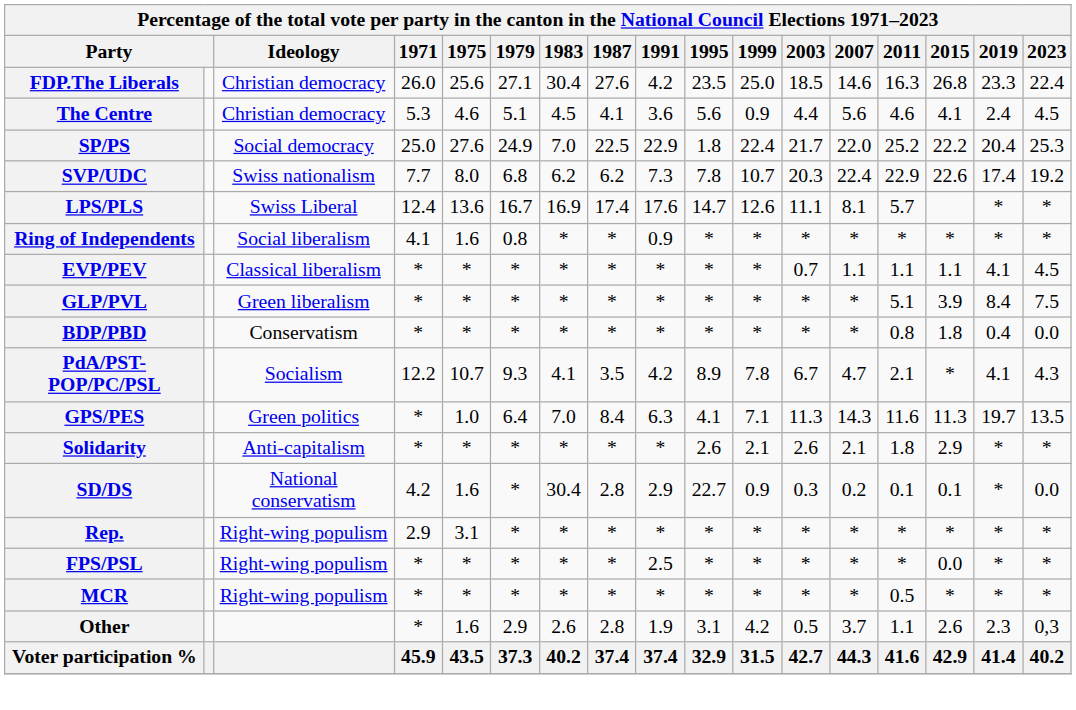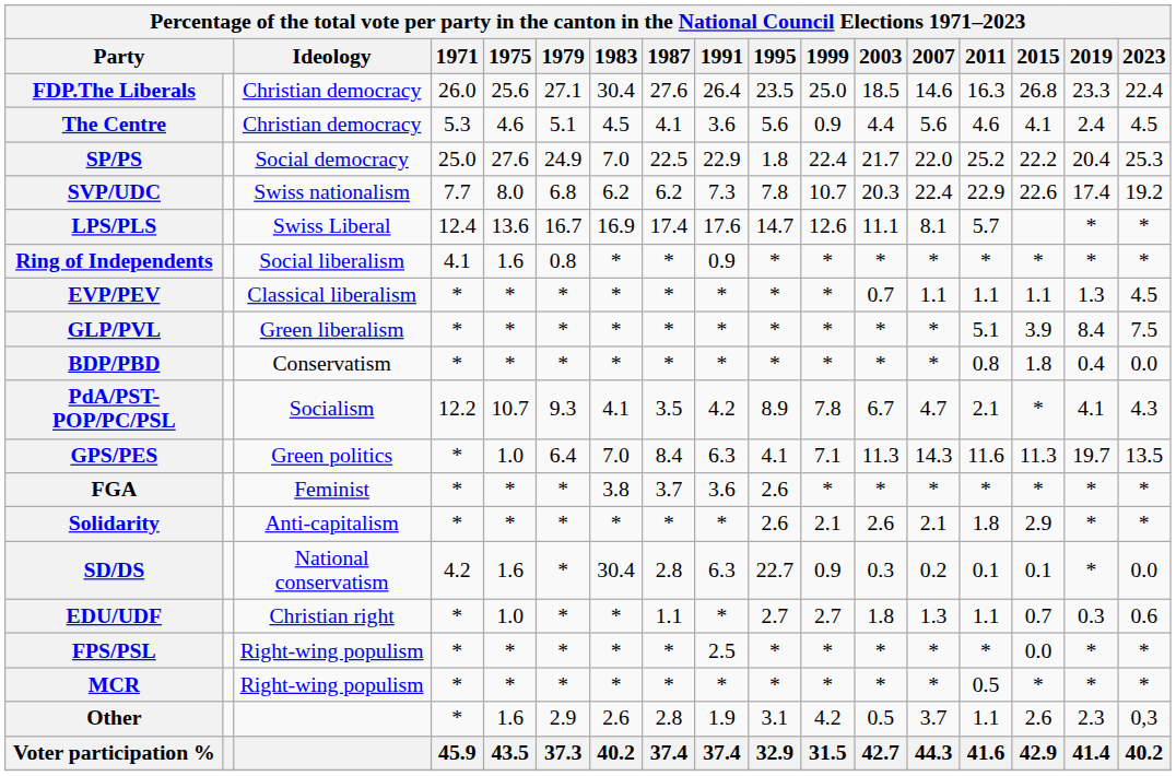 <table class="wikitable sortable" style ="text-align: center">
 <tr>
 <th colspan="17">Percentage of the total vote per party in the canton in the <a href='#'>National Council</a> Elections 1971–2023 </th>
 </tr>
 <tr>
 <th colspan="2">Party</th>
 <th class="unsortable">Ideology</th>
 <th>1971</th>
 <th>1975</th>
 <th>1979</th>
 <th>1983</th>
 <th>1987</th>
 <th>1991</th>
 <th>1995</th>
 <th>1999</th>
 <th>2003</th>
 <th>2007</th>
 <th>2011</th>
 <th>2015</th>
 <th>2019</th>
 <th>2023</th>
 </tr>
 <tr>
 <th><a href='#'>FDP.The Liberals</a></th>
 <td style="color:inherit;background:"></td>
 <td><a href='#'>Christian democracy</a></td>
 <td>26.0</td>
 <td>25.6</td>
 <td>27.1</td>
 <td>30.4</td>
 <td>27.6</td>
-<td>4.2</td>
+<td>26.4</td>
 <td>23.5</td>
 <td>25.0</td>
 <td>18.5</td>
 <td>14.6</td>
 <td>16.3</td>
 <td>26.8</td>
 <td>23.3</td>
 <td>22.4</td>
 </tr>
 <tr>
 <th><a href='#'>The Centre</a></th>
 <td style="color:inherit;background:"></td>
 <td><a href='#'>Christian democracy</a></td>
 <td>5.3</td>
 <td>4.6</td>
 <td>5.1</td>
 <td>4.5</td>
 <td>4.1</td>
 <td>3.6</td>
 <td>5.6</td>
 <td>0.9</td>
 <td>4.4</td>
 <td>5.6</td>
 <td>4.6</td>
 <td>4.1</td>
 <td>2.4</td>
 <td>4.5</td>
 </tr>
 <tr>
 <th><a href='#'>SP/PS</a></th>
 <td style="color:inherit;background:"></td>
 <td><a href='#'>Social democracy</a></td>
 <td>25.0</td>
 <td>27.6</td>
 <td>24.9</td>
 <td>7.0</td>
 <td>22.5</td>
 <td>22.9</td>
 <td>1.8</td>
 <td>22.4</td>
 <td>21.7</td>
 <td>22.0</td>
 <td>25.2</td>
 <td>22.2</td>
 <td>20.4</td>
 <td>25.3</td>
 </tr>
 <tr>
 <th><a href='#'>SVP/UDC</a></th>
 <td style="color:inherit;background:"></td>
 <td><a href='#'>Swiss nationalism</a></td>
 <td>7.7</td>
 <td>8.0</td>
 <td>6.8</td>
 <td>6.2</td>
 <td>6.2</td>
 <td>7.3</td>
 <td>7.8</td>
 <td>10.7</td>
 <td>20.3</td>
 <td>22.4</td>
 <td>22.9</td>
 <td>22.6</td>
 <td>17.4</td>
 <td>19.2</td>
 </tr>
 <tr>
 <th><a href='#'>LPS/PLS</a></th>
 <td style="color:inherit;background:"></td>
 <td><a href='#'>Swiss Liberal</a></td>
 <td>12.4</td>
 <td>13.6</td>
 <td>16.7</td>
 <td>16.9</td>
 <td>17.4</td>
 <td>17.6</td>
 <td>14.7</td>
 <td>12.6</td>
 <td>11.1</td>
 <td>8.1</td>
 <td>5.7</td>
 <td></td>
 <td>*</td>
 <td>*</td>
 </tr>
 <tr>
 <th><a href='#'>Ring of Independents</a></th>
 <td></td>
 <td><a href='#'>Social liberalism</a></td>
 <td>4.1</td>
 <td>1.6</td>
 <td>0.8</td>
 <td>* </td>
 <td>*</td>
 <td>0.9</td>
 <td>*</td>
 <td>*</td>
 <td>*</td>
 <td>*</td>
 <td>*</td>
 <td>*</td>
 <td>*</td>
 <td>*</td>
 </tr>
 <tr>
 <th><a href='#'>EVP/PEV</a></th>
 <td style="color:inherit;background:"></td>
 <td><a href='#'>Classical liberalism</a></td>
 <td>*</td>
 <td>*</td>
 <td>*</td>
 <td>*</td>
 <td>*</td>
 <td>*</td>
 <td>*</td>
 <td>*</td>
 <td>0.7</td>
 <td>1.1</td>
 <td>1.1</td>
 <td>1.1</td>
-<td>4.1</td>
+<td>1.3</td>
 <td>4.5</td>
 </tr>
 <tr>
 <th><a href='#'>GLP/PVL</a></th>
 <td style="color:inherit;background:"></td>
 <td><a href='#'>Green liberalism</a></td>
 <td>*</td>
 <td>*</td>
 <td>*</td>
 <td>*</td>
 <td>*</td>
 <td>*</td>
 <td>*</td>
 <td>*</td>
 <td>*</td>
 <td>*</td>
 <td>5.1</td>
 <td>3.9</td>
 <td>8.4</td>
 <td>7.5</td>
 </tr>
 <tr>
 <th><a href='#'>BDP/PBD</a></th>
 <td style="color:inherit;background:"></td>
 <td>Conservatism</td>
 <td>*</td>
 <td>*</td>
 <td>*</td>
 <td>*</td>
 <td>*</td>
 <td>*</td>
 <td>*</td>
 <td>*</td>
 <td>*</td>
 <td>*</td>
 <td>0.8</td>
 <td>1.8</td>
 <td>0.4</td>
 <td>0.0</td>
 </tr>
 <tr>
 <th><a href='#'>PdA/PST-POP/PC/PSL</a></th>
 <td style="color:inherit;background:"></td>
 <td><a href='#'>Socialism</a></td>
 <td>12.2</td>
 <td>10.7</td>
 <td>9.3</td>
 <td>4.1</td>
 <td>3.5</td>
 <td>4.2</td>
 <td>8.9</td>
 <td>7.8</td>
 <td>6.7</td>
 <td>4.7</td>
 <td>2.1</td>
 <td>*</td>
 <td>4.1</td>
 <td>4.3</td>
 </tr>
 <tr>
 <th><a href='#'>GPS/PES</a></th>
 <td style="color:inherit;background:"></td>
 <td><a href='#'>Green politics</a></td>
 <td>*</td>
 <td>1.0</td>
 <td>6.4</td>
 <td>7.0</td>
 <td>8.4</td>
 <td>6.3</td>
 <td>4.1</td>
 <td>7.1</td>
 <td>11.3</td>
 <td>14.3</td>
 <td>11.6</td>
 <td>11.3</td>
 <td>19.7</td>
 <td>13.5</td>
 </tr>
 <tr>
+<th>FGA</th>
+<td></td>
+<td><a href='#'>Feminist</a></td>
+<td>*</td>
+<td>*</td>
+<td>*</td>
+<td>3.8</td>
+<td>3.7</td>
+<td>3.6</td>
+<td>2.6</td>
+<td>*</td>
+<td>*</td>
+<td>*</td>
+<td>*</td>
+<td>*</td>
+<td>*</td>
+<td>*</td>
+</tr>
+<tr>
 <th><a href='#'>Solidarity</a></th>
 <td style="color:inherit;background:"></td>
 <td><a href='#'>Anti-capitalism</a></td>
 <td>*</td>
 <td>*</td>
 <td>*</td>
 <td>*</td>
 <td>*</td>
 <td>*</td>
 <td>2.6</td>
 <td>2.1</td>
 <td>2.6</td>
 <td>2.1</td>
 <td>1.8</td>
 <td>2.9</td>
 <td>*</td>
 <td>*</td>
 </tr>
 <tr>
 <th><a href='#'>SD/DS</a></th>
 <td style="color:inherit;background:"></td>
 <td><a href='#'>National conservatism</a></td>
 <td>4.2</td>
 <td>1.6</td>
 <td>*</td>
 <td>30.4</td>
 <td>2.8</td>
-<td>2.9</td>
+<td>6.3</td>
 <td>22.7</td>
 <td>0.9</td>
 <td>0.3</td>
 <td>0.2</td>
 <td>0.1</td>
 <td>0.1</td>
 <td>*</td>
 <td>0.0</td>
 </tr>
 <tr>
-<th><a href='#'>Rep.</a></th>
-<td></td>
-<td><a href='#'>Right-wing populism</a></td>
-<td>2.9</td>
-<td>3.1</td>
+<th><a href='#'>EDU/UDF</a></th>
+<td style="color:inherit;background:"></td>
+<td><a href='#'>Christian right</a></td>
+<td>*</td>
+<td>1.0</td>
 <td>*</td>
 <td>*</td>
+<td>1.1</td>
 <td>*</td>
-<td>*</td>
-<td>*</td>
-<td>*</td>
-<td>*</td>
-<td>*</td>
-<td>*</td>
-<td>*</td>
-<td>*</td>
-<td>*</td>
+<td>2.7</td>
+<td>2.7</td>
+<td>1.8</td>
+<td>1.3</td>
+<td>1.1</td>
+<td>0.7</td>
+<td>0.3</td>
+<td>0.6</td>
 </tr>
 <tr>
 <th><a href='#'>FPS/PSL</a></th>
 <td style="color:inherit;background:"></td>
 <td><a href='#'>Right-wing populism</a></td>
 <td>*</td>
 <td>*</td>
 <td>*</td>
 <td>*</td>
 <td>*</td>
 <td>2.5</td>
 <td>*</td>
 <td>*</td>
 <td>*</td>
 <td>*</td>
 <td>*</td>
 <td>0.0</td>
 <td>*</td>
 <td>*</td>
 </tr>
 <tr>
 <th><a href='#'>MCR</a></th>
 <td style="color:inherit;background:"></td>
 <td><a href='#'>Right-wing populism</a></td>
 <td>*</td>
 <td>*</td>
 <td>*</td>
 <td>*</td>
 <td>*</td>
 <td>*</td>
 <td>*</td>
 <td>*</td>
 <td>*</td>
 <td>*</td>
 <td>0.5</td>
 <td>*</td>
 <td>*</td>
 <td>*</td>
 </tr>
 <tr>
 <th>Other</th>
 <td></td>
 <td></td>
 <td>*</td>
 <td>1.6</td>
 <td>2.9</td>
 <td>2.6</td>
 <td>2.8</td>
 <td>1.9</td>
 <td>3.1</td>
 <td>4.2</td>
 <td>0.5</td>
 <td>3.7</td>
 <td>1.1</td>
 <td>2.6</td>
 <td>2.3</td>
 <td>0,3</td>
 </tr>
 <tr>
 <th>Voter participation %</th>
 <th></th>
 <th></th>
 <th>45.9</th>
 <th>43.5</th>
 <th>37.3</th>
 <th>40.2</th>
 <th>37.4</th>
 <th>37.4</th>
 <th>32.9</th>
 <th>31.5</th>
 <th>42.7</th>
 <th>44.3</th>
 <th>41.6</th>
 <th>42.9</th>
 <th>41.4</th>
 <th>40.2</th>
 </tr>
 <tr>
 </tr>
 </table>
